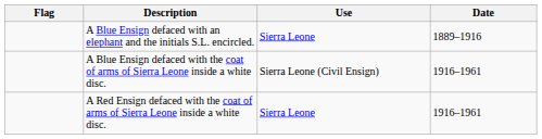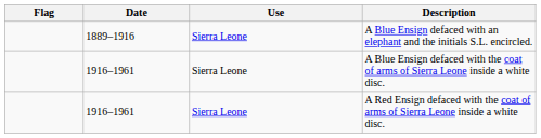 <table class="wikitable">
 <tr style="background:#efefef;">
 <th style="width:110px;">Flag</th>
+<th style="width:150px;">Date</th>
+<th style="width:250px;">Use</th>
 <th style="width:250px;">Description</th>
-<th style="width:250px;">Use</th>
-<th style="width:150px;">Date</th>
 </tr>
 <tr>
 <td></td>
+<td>1889–1916</td>
+<td><a href='#'>Sierra Leone</a></td>
 <td>A <a href='#'>Blue Ensign</a> defaced with an <a href='#'>elephant</a> and the initials S.L. encircled.</td>
-<td><a href='#'>Sierra Leone</a></td>
-<td>1889–1916</td>
 </tr>
 <tr>
 <td></td>
+<td>1916–1961</td>
+<td>Sierra Leone</td>
 <td>A Blue Ensign defaced with the <a href='#'>coat of arms of Sierra Leone</a> inside a white disc.</td>
-<td>Sierra Leone (Civil Ensign)</td>
-<td>1916–1961</td>
 </tr>
 <tr>
 <td></td>
+<td>1916–1961</td>
+<td><a href='#'>Sierra Leone</a></td>
 <td>A Red Ensign defaced with the <a href='#'>coat of arms of Sierra Leone</a> inside a white disc.</td>
-<td><a href='#'>Sierra Leone</a></td>
-<td>1916–1961</td>
 </tr>
 </table>
